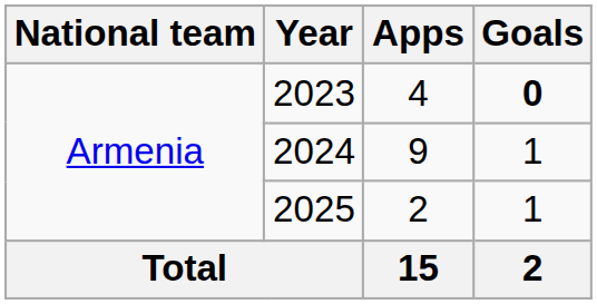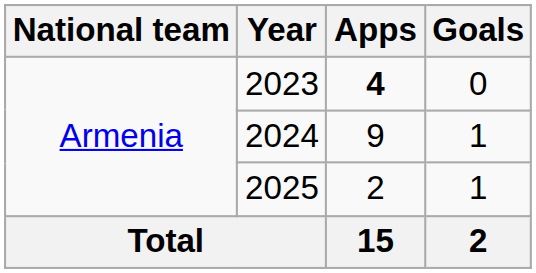 <table class="wikitable" style="text-align:center">
 <tr>
 <th>National team</th>
 <th>Year</th>
 <th>Apps</th>
 <th>Goals</th>
 </tr>
 <tr>
 <td rowspan="3"><a href='#'>Armenia</a></td>
 <td>2023</td>
-<td>4</td>
-<td><strong>0</strong></td>
+<td><strong>4</strong></td>
+<td>0</td>
 </tr>
 <tr>
 <td>2024</td>
 <td>9</td>
 <td>1</td>
 </tr>
 <tr>
 <td>2025</td>
 <td>2</td>
 <td>1</td>
 </tr>
 <tr>
 <th colspan="2">Total</th>
 <th>15</th>
 <th>2</th>
 </tr>
 </table>
